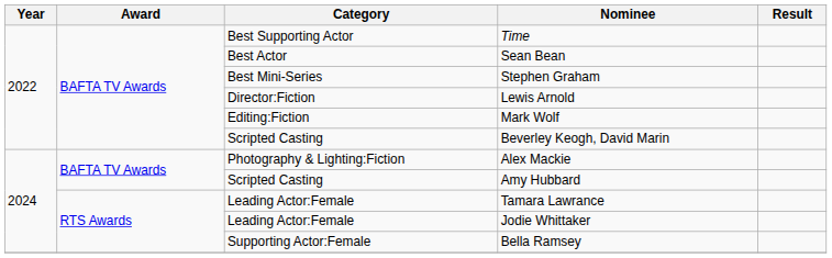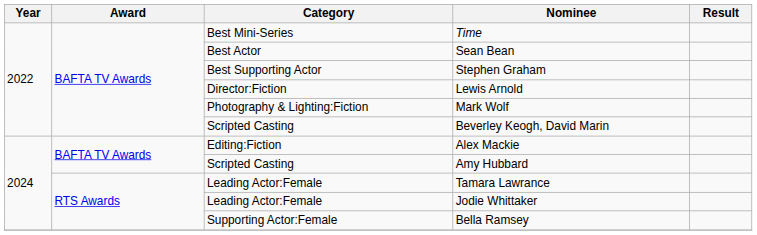 <table width="80%" class="wikitable">
 <tr>
 <th>Year</th>
 <th>Award</th>
 <th>Category</th>
 <th>Nominee</th>
 <th>Result</th>
 </tr>
 <tr>
 <td rowspan="6”">2022</td>
 <td rowspan="6”"><a href='#'>BAFTA TV Awards</a></td>
-<td>Best Supporting Actor</td>
+<td>Best Mini-Series</td>
 <td><em>Time</em></td>
 <td></td>
 </tr>
 <tr>
 <td>Best Actor</td>
 <td>Sean Bean</td>
 <td></td>
 </tr>
 <tr>
-<td>Best Mini-Series</td>
+<td>Best Supporting Actor</td>
 <td>Stephen Graham</td>
 <td></td>
 </tr>
 <tr>
 <td>Director:Fiction</td>
 <td>Lewis Arnold</td>
 <td></td>
 </tr>
 <tr>
-<td>Editing:Fiction</td>
+<td>Photography & Lighting:Fiction</td>
 <td>Mark Wolf</td>
 <td></td>
 </tr>
 <tr>
 <td>Scripted Casting</td>
 <td>Beverley Keogh, David Marin</td>
 <td></td>
 </tr>
 <tr>
 <td rowspan="5">2024</td>
 <td rowspan="2"><a href='#'>BAFTA TV Awards</a></td>
-<td>Photography & Lighting:Fiction</td>
+<td>Editing:Fiction</td>
 <td>Alex Mackie</td>
 <td></td>
 </tr>
 <tr>
 <td>Scripted Casting</td>
 <td>Amy Hubbard</td>
 <td></td>
 </tr>
 <tr>
 <td rowspan="3"><a href='#'>RTS Awards</a></td>
 <td>Leading Actor:Female</td>
 <td>Tamara Lawrance</td>
 <td></td>
 </tr>
 <tr>
 <td>Leading Actor:Female</td>
 <td>Jodie Whittaker</td>
 <td></td>
 </tr>
 <tr>
 <td>Supporting Actor:Female</td>
 <td>Bella Ramsey</td>
 <td></td>
 </tr>
 <tr>
 </tr>
 </table>
